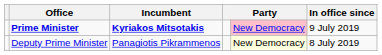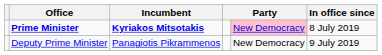 <table class="wikitable" style="font-size: 90%;">
 <tr>
 <th></th>
 <th>Office</th>
 <th>Incumbent</th>
 <th colspan="2">Party</th>
 <th>In office since</th>
 </tr>
 <tr>
 <td></td>
 <td><strong><a href='#'>Prime Minister</a></strong></td>
 <td><strong><a href='#'>Kyriakos Mitsotakis</a></strong></td>
 <td width="5" style="background-color: "></td>
 <td style="background: pink;"><a href='#'>New Democracy</a></td>
-<td>9 July 2019</td>
+<td>8 July 2019</td>
 </tr>
 <tr>
 <td></td>
 <td><a href='#'>Deputy Prime Minister</a></td>
 <td><a href='#'>Panagiotis Pikrammenos</a></td>
 <td width="5" style="background-color: "></td>
-<td style="background: lightyellow;">New Democracy</td>
-<td>8 July 2019</td>
+<td>New Democracy</td>
+<td>9 July 2019</td>
 </tr>
 </table>
